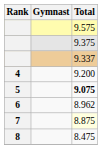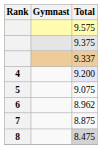 <table class="wikitable sortable" style="text-align:center; font-size:95%">
 <tr>
 <th scope=col>Rank</th>
 <th scope=col>Gymnast</th>
 <th scope=col>Total</th>
 </tr>
 <tr bgcolor=fffcaf>
 <th scope=row style="text-align:center"></th>
 <td align=left></td>
 <td>9.575</td>
 </tr>
 <tr bgcolor=e5e5e5>
 <th scope=row style="text-align:center"></th>
 <td align=left></td>
 <td>9.375</td>
 </tr>
 <tr bgcolor=eecc99>
 <th scope=row style="text-align:center"></th>
 <td align=left></td>
 <td>9.337</td>
 </tr>
 <tr>
 <th scope=row style="text-align:center">4</th>
 <td align=left></td>
-<td>9.200</td>
+<td style="background: lavender;">9.200</td>
 </tr>
 <tr>
 <th scope=row style="text-align:center">5</th>
 <td align=left></td>
-<td><strong>9.075</strong></td>
+<td>9.075</td>
 </tr>
 <tr>
 <th scope=row style="text-align:center">6</th>
 <td align=left></td>
 <td>8.962</td>
 </tr>
 <tr>
 <th scope=row style="text-align:center">7</th>
 <td align=left></td>
-<td style="background: lightyellow;">8.875</td>
+<td>8.875</td>
 </tr>
 <tr>
 <th scope=row style="text-align:center">8</th>
 <td align=left></td>
-<td>8.475</td>
+<td style="background: lightgrey;">8.475</td>
 </tr>
 <tr>
 </tr>
 </table>
